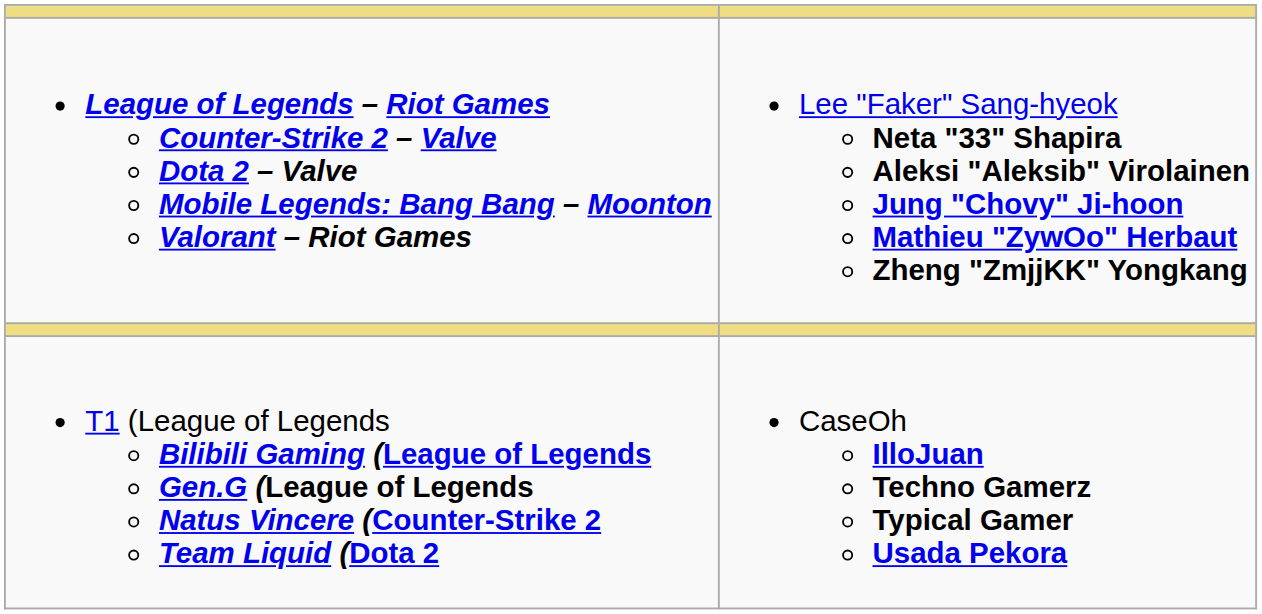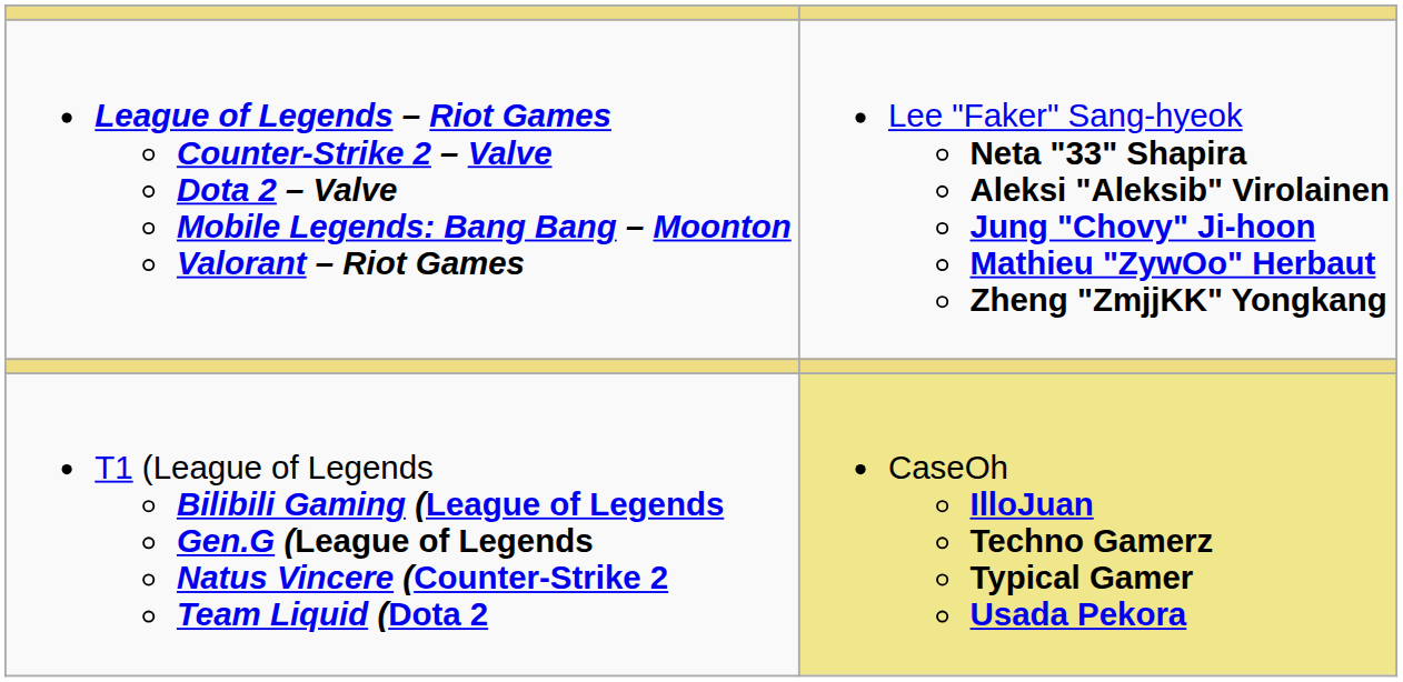 <table class=wikitable>
 <tr>
 <th style="background:#eedd82"></th>
 <th style="background:#eedd82"></th>
 </tr>
 <tr>
 <td valign="top"><br><ul><li><strong><em><a href='#'>League of Legends</a><em> – <a href='#'>Riot Games</a><strong><ul><li></em><a href='#'>Counter-Strike 2</a><em> – <a href='#'>Valve</a></li><li></em><a href='#'>Dota 2</a><em> – Valve</li><li></em><a href='#'>Mobile Legends: Bang Bang</a><em> – <a href='#'>Moonton</a></li><li></em><a href='#'>Valorant</a><em> – Riot Games</li></ul></li></ul></td>
 <td valign="top"><br><ul><li></strong><a href='#'>Lee "Faker" Sang-hyeok</a><strong><ul><li>Neta "33" Shapira</li><li>Aleksi "Aleksib" Virolainen</li><li><a href='#'>Jung "Chovy" Ji-hoon</a></li><li><a href='#'>Mathieu "ZywOo" Herbaut</a></li><li>Zheng "ZmjjKK" Yongkang</li></ul></li></ul></td>
 </tr>
 <tr>
 <th style="background:#eedd82"></th>
 <th style="background:#eedd82"></th>
 </tr>
 <tr>
 <td valign="top"><br><ul><li></strong><a href='#'>T1</a> (</em>League of Legends<em><strong><ul><li><a href='#'>Bilibili Gaming</a> (</em><a href='#'>League of Legends</a><em></li><li><a href='#'>Gen.G</a> (</em>League of Legends<em></li><li><a href='#'>Natus Vincere</a> (</em><a href='#'>Counter-Strike 2</a><em></li><li><a href='#'>Team Liquid</a> (</em><a href='#'>Dota 2</a><em></li></ul></li></ul></td>
-<td valign="top"><br><ul><li></strong>CaseOh<strong><ul><li><a href='#'>IlloJuan</a></li><li>Techno Gamerz</li><li>Typical Gamer</li><li><a href='#'>Usada Pekora</a></li></ul></li></ul></td>
+<td valign="top" style="background: khaki;"><br><ul><li></strong>CaseOh<strong><ul><li><a href='#'>IlloJuan</a></li><li>Techno Gamerz</li><li>Typical Gamer</li><li><a href='#'>Usada Pekora</a></li></ul></li></ul></td>
 </tr>
 </table>
